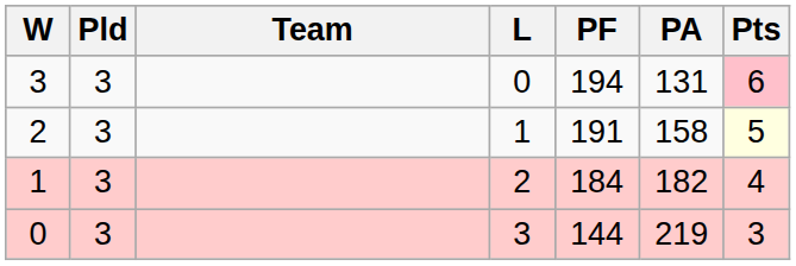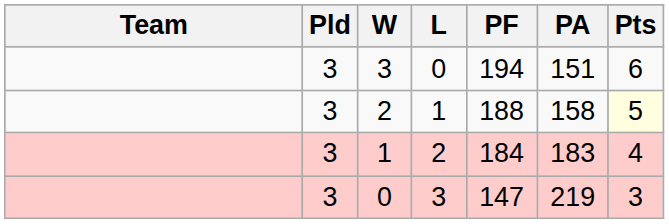 <table class="wikitable" style="text-align:center;">
 <tr>
+<th width=170>Team</th>
+<th width=25>Pld</th>
 <th width=25>W</th>
-<th width=25>Pld</th>
-<th width=170>Team</th>
 <th width=25>L</th>
 <th width=35>PF</th>
 <th width=35>PA</th>
 <th width=25>Pts</th>
 </tr>
 <tr>
+<td style="text-align:left"></td>
 <td>3</td>
 <td>3</td>
-<td style="text-align:left"></td>
 <td>0</td>
 <td>194</td>
-<td>131</td>
-<td style="background: pink;">6</td>
+<td>151</td>
+<td>6</td>
 </tr>
 <tr>
+<td style="text-align:left"></td>
+<td>3</td>
 <td>2</td>
-<td>3</td>
-<td style="text-align:left"></td>
 <td>1</td>
-<td>191</td>
+<td>188</td>
 <td>158</td>
 <td style="background: lightyellow;">5</td>
 </tr>
 <tr bgcolor=#ffcccc>
+<td style="text-align:left"></td>
+<td>3</td>
 <td>1</td>
-<td>3</td>
-<td style="text-align:left"></td>
 <td>2</td>
 <td>184</td>
-<td>182</td>
+<td>183</td>
 <td>4</td>
 </tr>
 <tr bgcolor=#ffcccc>
+<td style="text-align:left"></td>
+<td>3</td>
 <td>0</td>
 <td>3</td>
-<td style="text-align:left"></td>
-<td>3</td>
-<td>144</td>
+<td>147</td>
 <td>219</td>
 <td>3</td>
 </tr>
 </table>
